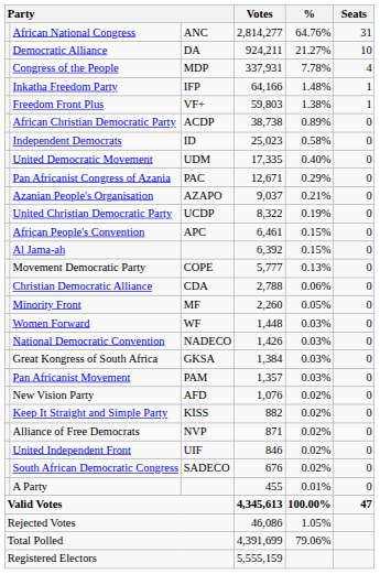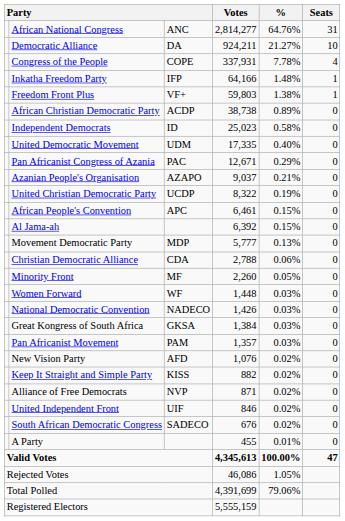 <table class="wikitable" border="1" style="text-align:right;">
 <tr>
 <th style="text-align:left;" colspan=3>Party</th>
 <th align=center width="50">Votes</th>
 <th align=center width="50">%</th>
 <th align=center width="50">Seats</th>
 </tr>
 <tr>
 <td style="background:"></td>
 <td align=left><a href='#'>African National Congress</a></td>
 <td align=left>ANC</td>
 <td>2,814,277</td>
 <td>64.76%</td>
 <td>31</td>
 </tr>
 <tr>
 <td style="background:"></td>
 <td align=left><a href='#'>Democratic Alliance</a></td>
 <td align=left>DA</td>
 <td>924,211</td>
 <td>21.27%</td>
 <td>10</td>
 </tr>
 <tr>
 <td style="background:"></td>
 <td align=left><a href='#'>Congress of the People</a></td>
-<td align=left>MDP</td>
+<td align=left>COPE</td>
 <td>337,931</td>
 <td>7.78%</td>
 <td>4</td>
 </tr>
 <tr>
 <td style="background:"></td>
 <td align=left><a href='#'>Inkatha Freedom Party</a></td>
 <td align=left>IFP</td>
 <td>64,166</td>
 <td>1.48%</td>
 <td>1</td>
 </tr>
 <tr>
 <td style="background:"></td>
 <td align=left><a href='#'>Freedom Front Plus</a></td>
 <td align=left>VF+</td>
 <td>59,803</td>
 <td>1.38%</td>
 <td>1</td>
 </tr>
 <tr>
 <td style="background:"></td>
 <td align=left><a href='#'>African Christian Democratic Party</a></td>
 <td align=left>ACDP</td>
 <td>38,738</td>
 <td>0.89%</td>
 <td>0</td>
 </tr>
 <tr>
 <td style="background:"></td>
 <td align=left><a href='#'>Independent Democrats</a></td>
 <td align=left>ID</td>
 <td>25,023</td>
 <td>0.58%</td>
 <td>0</td>
 </tr>
 <tr>
 <td style="background:"></td>
 <td align=left><a href='#'>United Democratic Movement</a></td>
 <td align=left>UDM</td>
 <td>17,335</td>
 <td>0.40%</td>
 <td>0</td>
 </tr>
 <tr>
 <td style="background:"></td>
 <td align=left><a href='#'>Pan Africanist Congress of Azania</a></td>
 <td align=left>PAC</td>
 <td>12,671</td>
 <td>0.29%</td>
 <td>0</td>
 </tr>
 <tr>
 <td style="background:"></td>
 <td align=left><a href='#'>Azanian People's Organisation</a></td>
 <td align=left>AZAPO</td>
 <td>9,037</td>
 <td>0.21%</td>
 <td>0</td>
 </tr>
 <tr>
 <td style="background:"></td>
 <td align=left><a href='#'>United Christian Democratic Party</a></td>
 <td align=left>UCDP</td>
 <td>8,322</td>
 <td>0.19%</td>
 <td>0</td>
 </tr>
 <tr>
 <td style="background:"></td>
 <td align=left><a href='#'>African People's Convention</a></td>
 <td align=left>APC</td>
 <td>6,461</td>
 <td>0.15%</td>
 <td>0</td>
 </tr>
 <tr>
 <td style="background:"></td>
 <td align=left><a href='#'>Al Jama-ah</a></td>
 <td align=left></td>
 <td>6,392</td>
 <td>0.15%</td>
 <td>0</td>
 </tr>
 <tr>
 <td></td>
 <td align=left>Movement Democratic Party</td>
-<td align=left>COPE</td>
+<td align=left>MDP</td>
 <td>5,777</td>
 <td>0.13%</td>
 <td>0</td>
 </tr>
 <tr>
 <td style="background:"></td>
 <td align=left><a href='#'>Christian Democratic Alliance</a></td>
 <td align=left>CDA</td>
 <td>2,788</td>
 <td>0.06%</td>
 <td>0</td>
 </tr>
 <tr>
 <td style="background:"></td>
 <td align=left><a href='#'>Minority Front</a></td>
 <td align=left>MF</td>
 <td>2,260</td>
 <td>0.05%</td>
 <td>0</td>
 </tr>
 <tr>
 <td style="background:"></td>
 <td align=left><a href='#'>Women Forward</a></td>
 <td align=left>WF</td>
 <td>1,448</td>
 <td>0.03%</td>
 <td>0</td>
 </tr>
 <tr>
 <td style="background:"></td>
 <td align=left><a href='#'>National Democratic Convention</a></td>
 <td align=left>NADECO</td>
 <td>1,426</td>
 <td>0.03%</td>
 <td>0</td>
 </tr>
 <tr>
 <td></td>
 <td align=left>Great Kongress of South Africa</td>
 <td align=left>GKSA</td>
 <td>1,384</td>
 <td>0.03%</td>
 <td>0</td>
 </tr>
 <tr>
 <td style="background:"></td>
 <td align=left><a href='#'>Pan Africanist Movement</a></td>
 <td align=left>PAM</td>
 <td>1,357</td>
 <td>0.03%</td>
 <td>0</td>
 </tr>
 <tr>
 <td></td>
 <td align=left>New Vision Party</td>
 <td align=left>AFD</td>
 <td>1,076</td>
 <td>0.02%</td>
 <td>0</td>
 </tr>
 <tr>
 <td style="background:"></td>
 <td align=left><a href='#'>Keep It Straight and Simple Party</a></td>
 <td align=left>KISS</td>
 <td>882</td>
 <td>0.02%</td>
 <td>0</td>
 </tr>
 <tr>
 <td></td>
 <td align=left>Alliance of Free Democrats</td>
 <td align=left>NVP</td>
 <td>871</td>
 <td>0.02%</td>
 <td>0</td>
 </tr>
 <tr>
 <td style="background:"></td>
 <td align=left><a href='#'>United Independent Front</a></td>
 <td align=left>UIF</td>
 <td>846</td>
 <td>0.02%</td>
 <td>0</td>
 </tr>
 <tr>
 <td></td>
 <td align=left><a href='#'>South African Democratic Congress</a></td>
 <td align=left>SADECO</td>
 <td>676</td>
 <td>0.02%</td>
 <td>0</td>
 </tr>
 <tr>
 <td></td>
 <td align=left>A Party</td>
 <td align=left></td>
 <td>455</td>
 <td>0.01%</td>
 <td>0</td>
 </tr>
 <tr style="font-weight:bold">
 <td align=left colspan=3>Valid Votes</td>
 <td>4,345,613</td>
 <td>100.00%</td>
 <td>47</td>
 </tr>
 <tr>
 <td align=left colspan=3>Rejected Votes</td>
 <td>46,086</td>
 <td>1.05%</td>
 <td></td>
 </tr>
 <tr>
 <td align=left colspan=3>Total Polled</td>
 <td>4,391,699</td>
 <td>79.06%</td>
 <td></td>
 </tr>
 <tr>
 <td align=left colspan=3>Registered Electors</td>
 <td>5,555,159</td>
 <td></td>
 <td></td>
 </tr>
 </table>
